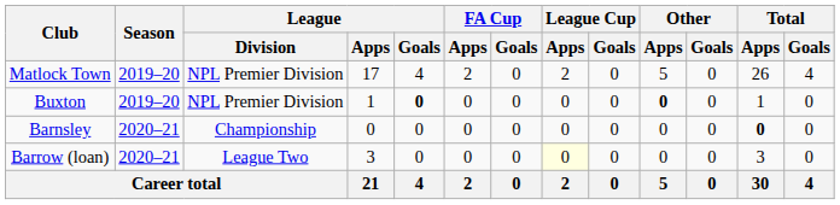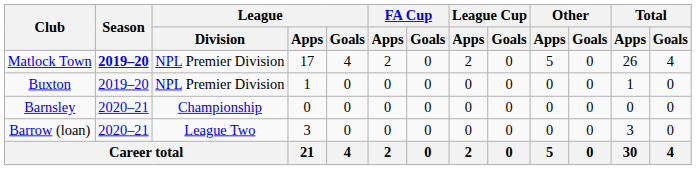 <table class=wikitable style="text-align: center">
 <tr>
 <th rowspan=2>Club</th>
 <th rowspan=2>Season</th>
 <th colspan=3>League</th>
 <th colspan=2><a href='#'>FA Cup</a></th>
 <th colspan=2>League Cup</th>
 <th colspan=2>Other</th>
 <th colspan=2>Total</th>
 </tr>
 <tr>
 <th>Division</th>
 <th>Apps</th>
 <th>Goals</th>
 <th>Apps</th>
 <th>Goals</th>
 <th>Apps</th>
 <th>Goals</th>
 <th>Apps</th>
 <th>Goals</th>
 <th>Apps</th>
 <th>Goals</th>
 </tr>
 <tr>
 <td><a href='#'>Matlock Town</a></td>
-<td><a href='#'>2019–20</a></td>
+<td><strong><a href='#'>2019–20</a></strong></td>
 <td><a href='#'>NPL</a> Premier Division</td>
 <td>17</td>
 <td>4</td>
 <td>2</td>
 <td>0</td>
 <td>2</td>
 <td>0</td>
 <td>5</td>
 <td>0</td>
 <td>26</td>
 <td>4</td>
 </tr>
 <tr>
 <td><a href='#'>Buxton</a></td>
 <td><a href='#'>2019–20</a></td>
 <td><a href='#'>NPL</a> Premier Division</td>
 <td>1</td>
-<td><strong>0</strong></td>
 <td>0</td>
 <td>0</td>
 <td>0</td>
 <td>0</td>
-<td><strong>0</strong></td>
+<td>0</td>
+<td>0</td>
 <td>0</td>
 <td>1</td>
 <td>0</td>
 </tr>
 <tr>
 <td><a href='#'>Barnsley</a></td>
 <td><a href='#'>2020–21</a></td>
 <td><a href='#'>Championship</a></td>
 <td>0</td>
 <td>0</td>
 <td>0</td>
 <td>0</td>
 <td>0</td>
 <td>0</td>
 <td>0</td>
 <td>0</td>
-<td><strong>0</strong></td>
+<td>0</td>
 <td>0</td>
 </tr>
 <tr>
 <td><a href='#'>Barrow</a> (loan)</td>
 <td><a href='#'>2020–21</a></td>
 <td><a href='#'>League Two</a></td>
 <td>3</td>
 <td>0</td>
 <td>0</td>
 <td>0</td>
-<td style="background: lightyellow;">0</td>
+<td>0</td>
 <td>0</td>
 <td>0</td>
 <td>0</td>
 <td>3</td>
 <td>0</td>
 </tr>
 <tr>
 <th colspan=3>Career total</th>
 <th>21</th>
 <th>4</th>
 <th>2</th>
 <th>0</th>
 <th>2</th>
 <th>0</th>
 <th>5</th>
 <th>0</th>
 <th>30</th>
 <th>4</th>
 </tr>
 </table>
